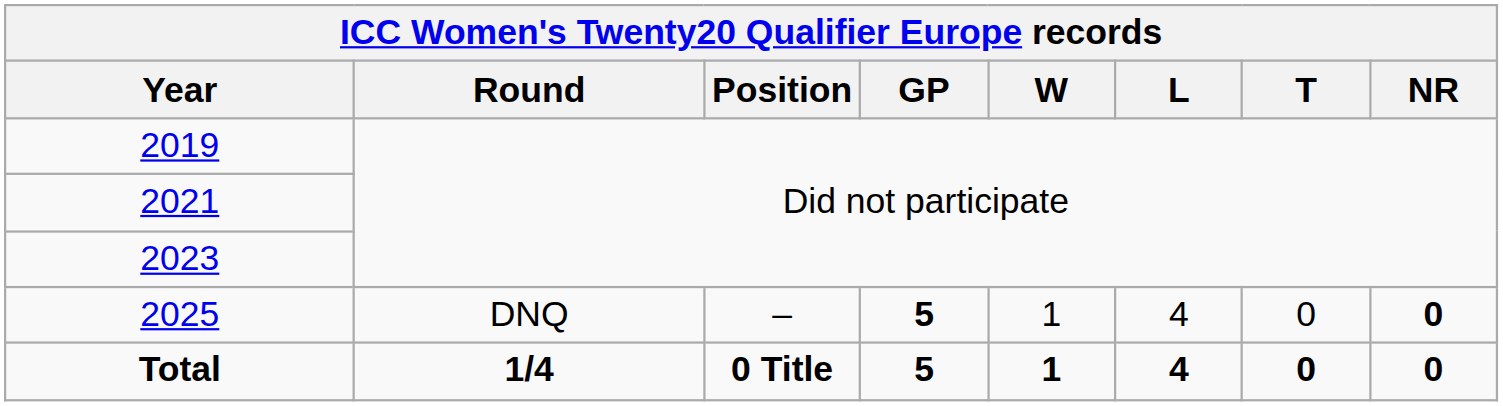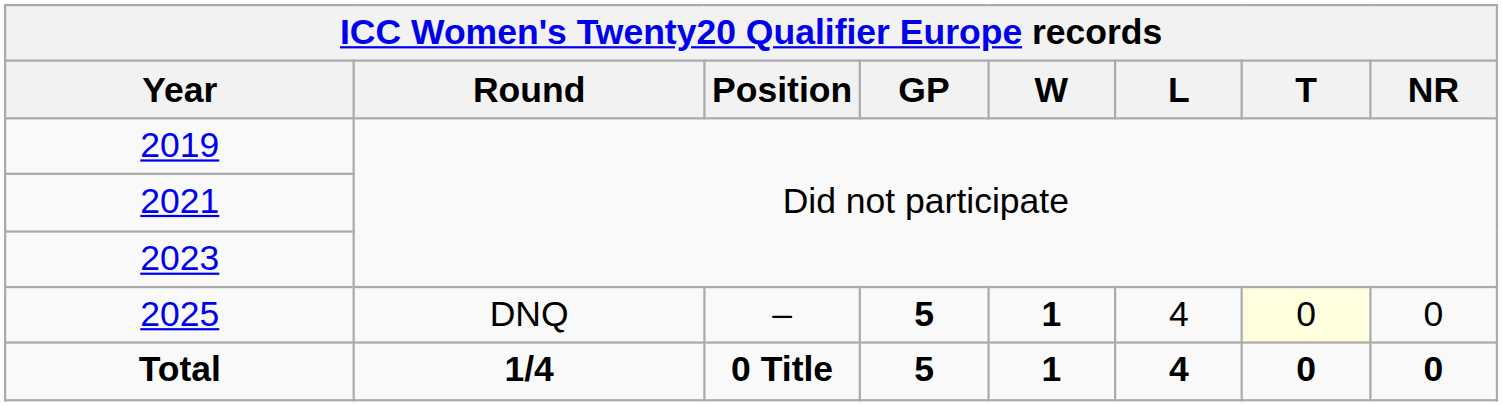 <table class="wikitable" style="text-align: center; width=900px;">
 <tr>
 <th colspan=9><a href='#'>ICC Women's Twenty20 Qualifier Europe</a> records</th>
 </tr>
 <tr>
 <th width=150>Year</th>
 <th width=150>Round</th>
 <th width=50>Position</th>
 <th width=50>GP</th>
 <th width=50>W</th>
 <th width=50>L</th>
 <th width=50>T</th>
 <th width=50>NR</th>
 </tr>
 <tr>
 <td> <a href='#'>2019</a></td>
 <td colspan=8 rowspan=3>Did not participate</td>
 </tr>
 <tr>
 <td> <a href='#'>2021</a></td>
 </tr>
 <tr>
 <td> <a href='#'>2023</a></td>
 </tr>
 <tr>
 <td> <a href='#'>2025</a></td>
 <td>DNQ</td>
 <td>–</td>
 <td><strong>5</strong></td>
-<td>1</td>
+<td><strong>1</strong></td>
 <td>4</td>
+<td style="background: lightyellow;">0</td>
 <td>0</td>
-<td><strong>0</strong></td>
 </tr>
 <tr>
 <td><strong>Total</strong></td>
 <td><strong>1/4</strong></td>
 <td><strong>0 Title </strong></td>
 <td><strong>5</strong></td>
 <td><strong>1</strong></td>
 <td><strong>4</strong></td>
 <td><strong>0</strong></td>
 <td><strong>0</strong></td>
 </tr>
 </table>
